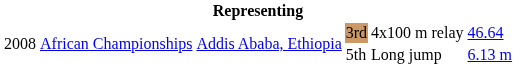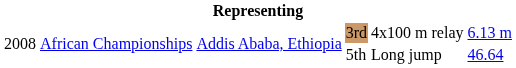 <table>
 <tr>
 <th colspan="6">Representing </th>
 </tr>
 <tr>
 <td rowspan=2>2008</td>
 <td rowspan=2><a href='#'>African Championships</a></td>
 <td rowspan=2><a href='#'>Addis Ababa, Ethiopia</a></td>
 <td bgcolor="cc9966">3rd</td>
 <td>4x100 m relay</td>
-<td><a href='#'>46.64</a></td>
+<td><a href='#'>6.13 m</a></td>
 </tr>
 <tr>
 <td>5th</td>
 <td>Long jump</td>
-<td><a href='#'>6.13 m</a></td>
+<td><a href='#'>46.64</a></td>
 </tr>
 </table>
